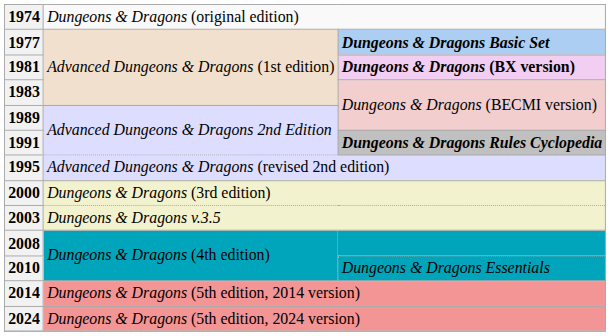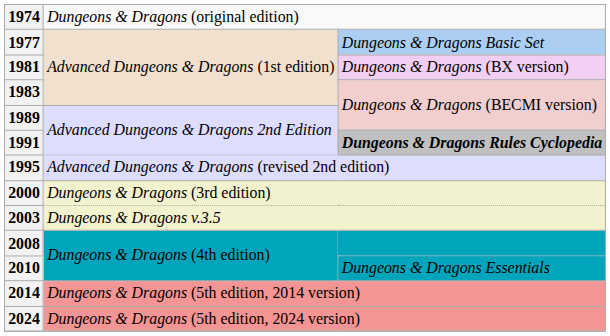 <table class="wikitable">
 <tr>
 <th>1974</th>
 <td colspan="2"><em>Dungeons & Dragons</em> (original edition)</td>
 </tr>
 <tr>
 <th>1977</th>
 <td style="background:#F2E0CE;" rowspan="3"><em>Advanced Dungeons & Dragons</em> (1st edition)</td>
-<td style="background:#ABCEF2;"><strong><em>Dungeons & Dragons Basic Set</em></strong></td>
+<td style="background:#ABCEF2;"><em>Dungeons & Dragons Basic Set</em></td>
 </tr>
 <tr>
 <th>1981</th>
-<td style="background:#F2CEF2;"><strong><em>Dungeons & Dragons</em> (BX version)</strong></td>
+<td style="background:#F2CEF2;"><em>Dungeons & Dragons</em> (BX version)</td>
 </tr>
 <tr>
 <th>1983</th>
 <td style="background:#F2CECE;" rowspan="2"><em>Dungeons & Dragons</em> (BECMI version)</td>
 </tr>
 <tr>
 <th>1989</th>
 <td style="background:#DDDDFF; border-style: solid solid dotted solid;" rowspan="2"><em>Advanced Dungeons & Dragons 2nd Edition</em></td>
 </tr>
 <tr>
 <th>1991</th>
 <td style="background:silver;"><strong><em>Dungeons & Dragons Rules Cyclopedia</em></strong></td>
 </tr>
 <tr>
 <th>1995</th>
 <td style="background:#DDDDFF; border-style: dotted solid solid solid;" colspan="2"><em>Advanced Dungeons & Dragons</em> (revised 2nd edition)</td>
 </tr>
 <tr>
 <th>2000</th>
 <td style="background:#F2F2CE; border-style: solid solid dotted solid;" colspan="2"><em>Dungeons & Dragons</em> (3rd edition)</td>
 </tr>
 <tr>
 <th>2003</th>
 <td style="background:#F2F2CE; border-style: dotted solid solid solid;" colspan="2"><em>Dungeons & Dragons v.3.5</em></td>
 </tr>
 <tr>
 <th>2008</th>
 <td rowspan="2" style="background:#00A5BB; border-style: solid none solid solid;"><em>Dungeons & Dragons</em> (4th edition)</td>
 <td style="background:#00A5BB; border-style: solid solid dotted none;"></td>
 </tr>
 <tr>
 <th>2010</th>
 <td colspan="2" style="background:#00A5BB; border-style: dotted solid solid dotted;"><em>Dungeons & Dragons Essentials</em></td>
 </tr>
 <tr>
 <th>2014</th>
 <td style="background:#f49595; border-style: solid solid dotted solid;" colspan="2"><em>Dungeons & Dragons</em> (5th edition, 2014 version)</td>
 </tr>
 <tr>
 <th>2024</th>
 <td colspan="2" style="background:#f49595; border-style: solid none solid solid;"><em>Dungeons & Dragons</em> (5th edition, 2024 version)</td>
 </tr>
 <tr>
 </tr>
 </table>
